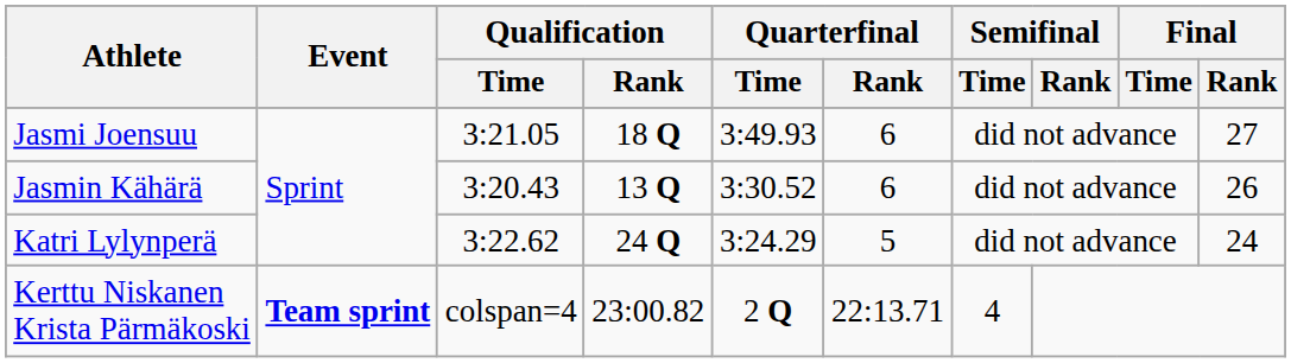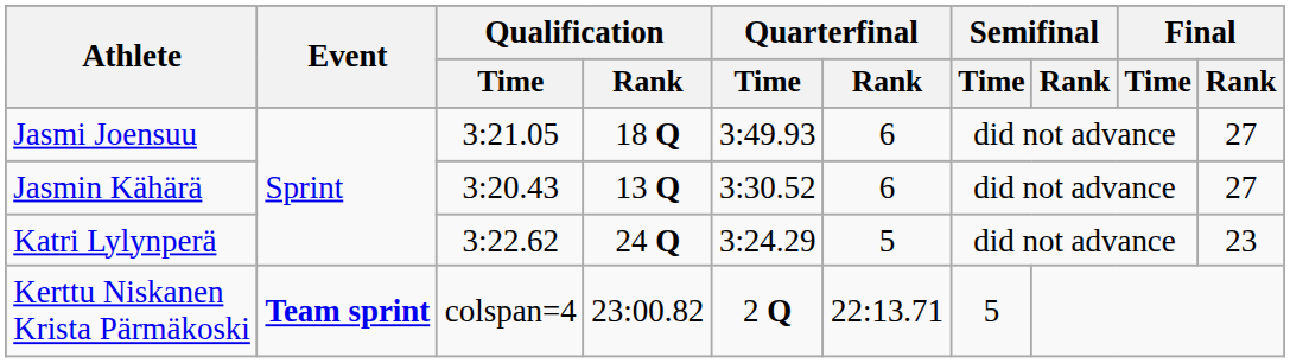 <table class="wikitable" style="font-size:90%">
 <tr>
 <th rowspan="2">Athlete</th>
 <th rowspan="2">Event</th>
 <th colspan="2">Qualification</th>
 <th colspan="2">Quarterfinal</th>
 <th colspan="2">Semifinal</th>
 <th colspan="2">Final</th>
 </tr>
 <tr style="font-size:95%">
 <th>Time</th>
 <th>Rank</th>
 <th>Time</th>
 <th>Rank</th>
 <th>Time</th>
 <th>Rank</th>
 <th>Time</th>
 <th>Rank</th>
 </tr>
 <tr align=center>
 <td align=left><a href='#'>Jasmi Joensuu</a></td>
 <td align=left rowspan=3><a href='#'>Sprint</a></td>
 <td>3:21.05</td>
 <td>18 <strong>Q</strong></td>
 <td>3:49.93</td>
 <td>6</td>
 <td colspan=3>did not advance</td>
 <td>27</td>
 </tr>
 <tr align=center>
 <td align=left><a href='#'>Jasmin Kähärä</a></td>
 <td>3:20.43</td>
 <td>13 <strong>Q</strong></td>
 <td>3:30.52</td>
 <td>6</td>
 <td colspan=3>did not advance</td>
-<td>26</td>
+<td>27</td>
 </tr>
 <tr align=center>
 <td align=left><a href='#'>Katri Lylynperä</a></td>
 <td>3:22.62</td>
 <td>24 <strong>Q</strong></td>
 <td>3:24.29</td>
 <td>5</td>
 <td colspan=3>did not advance</td>
-<td>24</td>
+<td>23</td>
 </tr>
 <tr align=center>
 <td align=left><a href='#'>Kerttu Niskanen</a><br><a href='#'>Krista Pärmäkoski</a></td>
 <td align=left><strong><a href='#'>Team sprint</a></strong></td>
 <td>colspan=4 </td>
 <td>23:00.82</td>
 <td>2 <strong>Q</strong></td>
 <td>22:13.71</td>
-<td>4</td>
+<td>5</td>
 </tr>
 </table>
